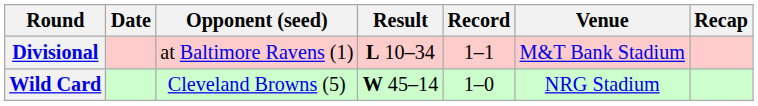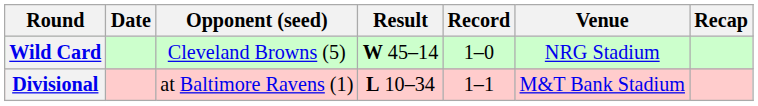 <table class="wikitable" style="text-align:center">
 <tr>
 <th>Round</th>
 <th>Date</th>
 <th>Opponent (seed)</th>
 <th>Result</th>
 <th>Record</th>
 <th>Venue</th>
 <th>Recap</th>
 </tr>
+<tr style="background:#cfc">
+<th><a href='#'>Wild Card</a></th>
+<td></td>
+<td><a href='#'>Cleveland Browns</a> (5)</td>
+<td><strong>W</strong> 45–14</td>
+<td>1–0</td>
+<td><a href='#'>NRG Stadium</a></td>
+<td></td>
+</tr>
 <tr style="background:#fcc">
 <th><a href='#'>Divisional</a></th>
 <td></td>
 <td>at <a href='#'>Baltimore Ravens</a> (1)</td>
 <td><strong>L</strong> 10–34</td>
 <td>1–1</td>
 <td><a href='#'>M&T Bank Stadium</a></td>
 <td></td>
 </tr>
-<tr style="background:#cfc">
-<th><a href='#'>Wild Card</a></th>
-<td></td>
-<td><a href='#'>Cleveland Browns</a> (5)</td>
-<td><strong>W</strong> 45–14</td>
-<td>1–0</td>
-<td><a href='#'>NRG Stadium</a></td>
-<td></td>
-</tr>
 </table>
